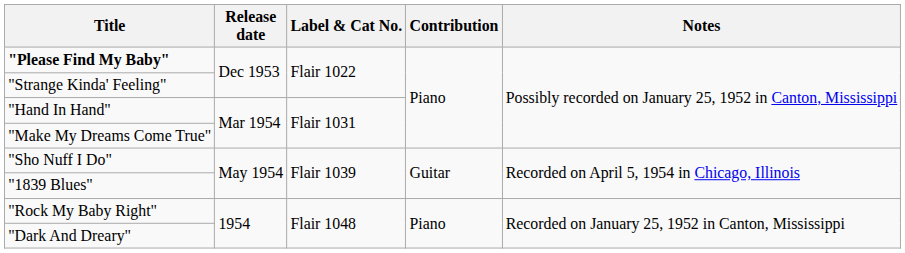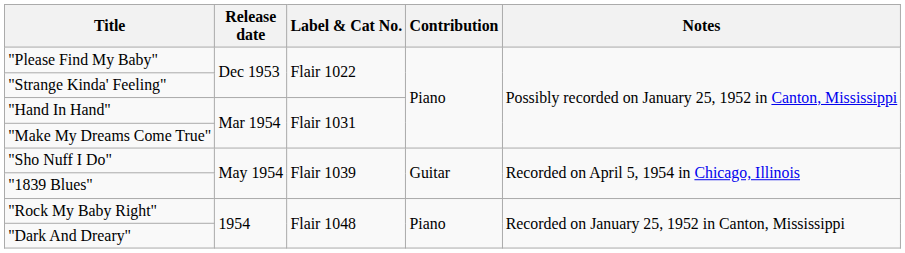 <table class="wikitable">
 <tr>
 <th>Title</th>
 <th>Release<br>date</th>
 <th>Label & Cat No.</th>
 <th>Contribution<br></th>
 <th>Notes</th>
 </tr>
 <tr>
-<td><strong>"Please Find My Baby"</strong></td>
+<td>"Please Find My Baby"</td>
 <td rowspan="2">Dec 1953</td>
 <td rowspan="2">Flair 1022</td>
 <td rowspan="4">Piano</td>
 <td rowspan="4">Possibly recorded on January 25, 1952 in <a href='#'>Canton, Mississippi</a></td>
 </tr>
 <tr>
 <td>"Strange Kinda' Feeling"</td>
 </tr>
 <tr>
 <td>"Hand In Hand"</td>
 <td rowspan="2">Mar 1954</td>
 <td rowspan="2">Flair 1031</td>
 </tr>
 <tr>
 <td>"Make My Dreams Come True"</td>
 </tr>
 <tr>
 <td>"Sho Nuff I Do"</td>
 <td rowspan="2">May 1954</td>
 <td rowspan="2">Flair 1039</td>
 <td rowspan="2">Guitar</td>
 <td rowspan="2">Recorded on April 5, 1954 in <a href='#'>Chicago, Illinois</a></td>
 </tr>
 <tr>
 <td>"1839 Blues"</td>
 </tr>
 <tr>
 <td>"Rock My Baby Right"</td>
 <td rowspan="2">1954</td>
 <td rowspan="2">Flair 1048</td>
 <td rowspan="2">Piano</td>
 <td rowspan="2">Recorded on January 25, 1952 in Canton, Mississippi</td>
 </tr>
 <tr>
 <td>"Dark And Dreary"</td>
 </tr>
 </table>
